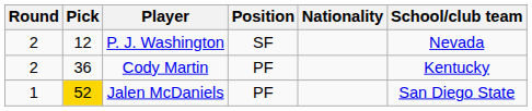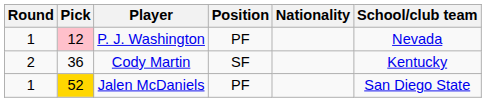 <table class="wikitable sortable sortable">
 <tr>
 <th>Round</th>
 <th>Pick</th>
 <th>Player</th>
 <th>Position</th>
 <th>Nationality</th>
 <th>School/club team</th>
 </tr>
 <tr style="text-align: center">
-<td>2</td>
-<td>12</td>
+<td>1</td>
+<td style="background: pink;">12</td>
 <td><a href='#'>P. J. Washington</a></td>
-<td>SF</td>
+<td>PF</td>
 <td></td>
 <td><a href='#'>Nevada</a></td>
 </tr>
 <tr style="text-align: center">
 <td>2</td>
 <td>36</td>
 <td><a href='#'>Cody Martin</a></td>
-<td>PF</td>
+<td>SF</td>
 <td></td>
 <td><a href='#'>Kentucky</a></td>
 </tr>
 <tr style="text-align: center">
 <td>1</td>
 <td style="background: gold;">52</td>
 <td><a href='#'>Jalen McDaniels</a></td>
 <td>PF</td>
 <td></td>
 <td><a href='#'>San Diego State</a></td>
 </tr>
 </table>
